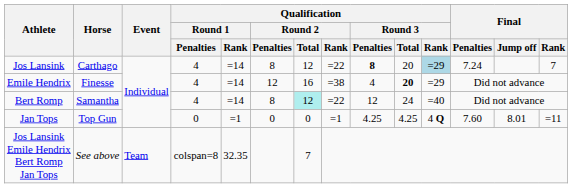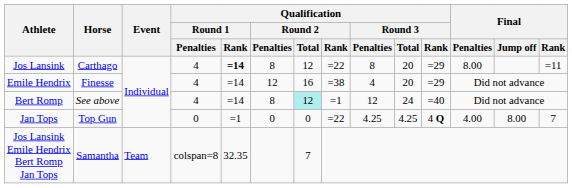 <table class="wikitable" style="font-size:90%">
 <tr>
 <th rowspan="3">Athlete</th>
 <th rowspan="3">Horse</th>
 <th rowspan="3">Event</th>
 <th colspan="8">Qualification</th>
 <th colspan="3" rowspan=2>Final</th>
 </tr>
 <tr style="font-size:95%">
 <th colspan="2">Round 1</th>
 <th colspan="3">Round 2</th>
 <th colspan="3">Round 3</th>
 </tr>
 <tr style="font-size:95%">
 <th>Penalties</th>
 <th>Rank</th>
 <th>Penalties</th>
 <th>Total</th>
 <th>Rank</th>
 <th>Penalties</th>
 <th>Total</th>
 <th>Rank</th>
 <th>Penalties</th>
 <th>Jump off</th>
 <th>Rank</th>
 </tr>
 <tr align=center>
 <td><a href='#'>Jos Lansink</a></td>
 <td><a href='#'>Carthago</a></td>
 <td align=left rowspan=4><a href='#'>Individual</a></td>
 <td>4</td>
-<td>=14</td>
+<td><strong>=14</strong></td>
 <td>8</td>
 <td>12</td>
 <td>=22</td>
-<td><strong>8</strong></td>
+<td>8</td>
 <td>20</td>
-<td style="background: lightblue;">=29</td>
-<td>7.24</td>
+<td>=29</td>
+<td>8.00</td>
 <td></td>
-<td>7</td>
+<td>=11</td>
 </tr>
 <tr align=center>
 <td><a href='#'>Emile Hendrix</a></td>
 <td><a href='#'>Finesse</a></td>
 <td>4</td>
 <td>=14</td>
 <td>12</td>
 <td>16</td>
 <td>=38</td>
 <td>4</td>
-<td><strong>20</strong></td>
+<td>20</td>
 <td>=29</td>
 <td colspan=3>Did not advance</td>
 </tr>
 <tr align=center>
 <td><a href='#'>Bert Romp</a></td>
-<td><a href='#'>Samantha</a></td>
+<td><em>See above</em></td>
 <td>4</td>
 <td>=14</td>
 <td>8</td>
 <td style="background: paleturquoise;">12</td>
-<td>=22</td>
+<td>=1</td>
 <td>12</td>
 <td>24</td>
 <td>=40</td>
 <td colspan=3>Did not advance</td>
 </tr>
 <tr align=center>
 <td><a href='#'>Jan Tops</a></td>
 <td><a href='#'>Top Gun</a></td>
 <td>0</td>
 <td>=1</td>
 <td>0</td>
 <td>0</td>
-<td>=1</td>
+<td>=22</td>
 <td>4.25</td>
 <td>4.25</td>
 <td>4 <strong>Q</strong></td>
-<td>7.60</td>
-<td>8.01</td>
-<td>=11</td>
+<td>4.00</td>
+<td>8.00</td>
+<td>7</td>
 </tr>
 <tr align=center>
 <td><a href='#'>Jos Lansink</a><br><a href='#'>Emile Hendrix</a><br><a href='#'>Bert Romp</a><br><a href='#'>Jan Tops</a></td>
-<td><em>See above</em></td>
+<td><a href='#'>Samantha</a></td>
 <td align=left rowspan=4><a href='#'>Team</a></td>
 <td>colspan=8 </td>
 <td>32.35</td>
 <td></td>
 <td>7</td>
 </tr>
 </table>
